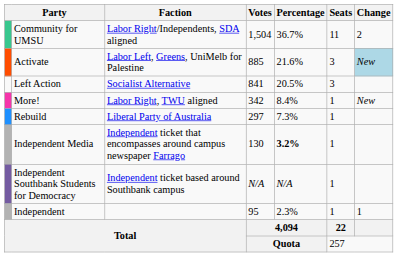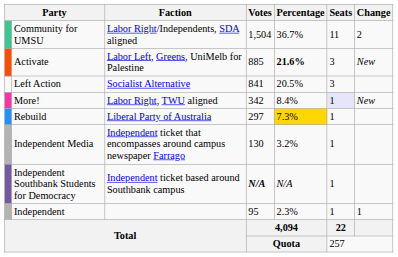 <table class="wikitable">
 <tr>
 <th colspan="2">Party</th>
 <th>Faction</th>
 <th>Votes</th>
 <th>Percentage</th>
 <th>Seats</th>
 <th>Change</th>
 </tr>
 <tr>
 <td bgcolor="#38c78e"> </td>
 <td>Community for UMSU</td>
 <td><a href='#'>Labor Right</a>/Independents, <a href='#'>SDA</a> aligned</td>
 <td>1,504</td>
 <td>36.7%</td>
 <td>11</td>
 <td> 2</td>
 </tr>
 <tr>
 <td bgcolor="#FF4D00"> </td>
 <td>Activate</td>
 <td><a href='#'>Labor Left</a>, <a href='#'>Greens</a>, UniMelb for Palestine</td>
 <td>885</td>
-<td>21.6%</td>
+<td><strong>21.6%</strong></td>
 <td>3</td>
-<td style="background: lightblue;"><em>New</em></td>
+<td><em>New</em></td>
 </tr>
 <tr>
 <td> </td>
 <td>Left Action</td>
 <td><a href='#'>Socialist Alternative</a></td>
 <td>841</td>
 <td>20.5%</td>
 <td>3</td>
 <td></td>
 </tr>
 <tr>
 <td bgcolor="#f535aa"> </td>
 <td>More!</td>
 <td><a href='#'>Labor Right</a>, <a href='#'>TWU</a> aligned</td>
 <td>342</td>
 <td>8.4%</td>
-<td>1</td>
+<td style="background: lavender;">1</td>
 <td><em>New</em></td>
 </tr>
 <tr>
 <td bgcolor="#1e90ff"> </td>
 <td>Rebuild</td>
 <td><a href='#'>Liberal Party of Australia</a></td>
 <td>297</td>
-<td>7.3%</td>
+<td style="background: gold;">7.3%</td>
 <td>1</td>
 <td></td>
 </tr>
 <tr>
 <td bgcolor="#b3b3b3"> </td>
 <td>Independent Media</td>
 <td><a href='#'>Independent</a> ticket that encompasses around campus newspaper <a href='#'>Farrago</a></td>
 <td>130</td>
-<td><strong>3.2%</strong></td>
+<td>3.2%</td>
 <td>1</td>
 <td></td>
 </tr>
 <tr>
 <td bgcolor="#745BA1"> </td>
 <td>Independent Southbank Students for Democracy</td>
 <td><a href='#'>Independent</a> ticket based around Southbank campus</td>
-<td><em>N/A</em></td>
+<td><strong><em>N/A</em></strong></td>
 <td><em>N/A</em></td>
 <td>1</td>
 <td></td>
 </tr>
 <tr>
 <td bgcolor="#b3b3b3"> </td>
 <td>Independent</td>
 <td></td>
 <td>95</td>
 <td>2.3%</td>
 <td>1</td>
 <td> 1</td>
 </tr>
 <tr>
 <th colspan="3" rowspan="2">Total</th>
 <th colspan="2">4,094</th>
 <th>22</th>
 <th></th>
 </tr>
 <tr>
 <th colspan="2">Quota</th>
 <td colspan="2">257</td>
 </tr>
 </table>
